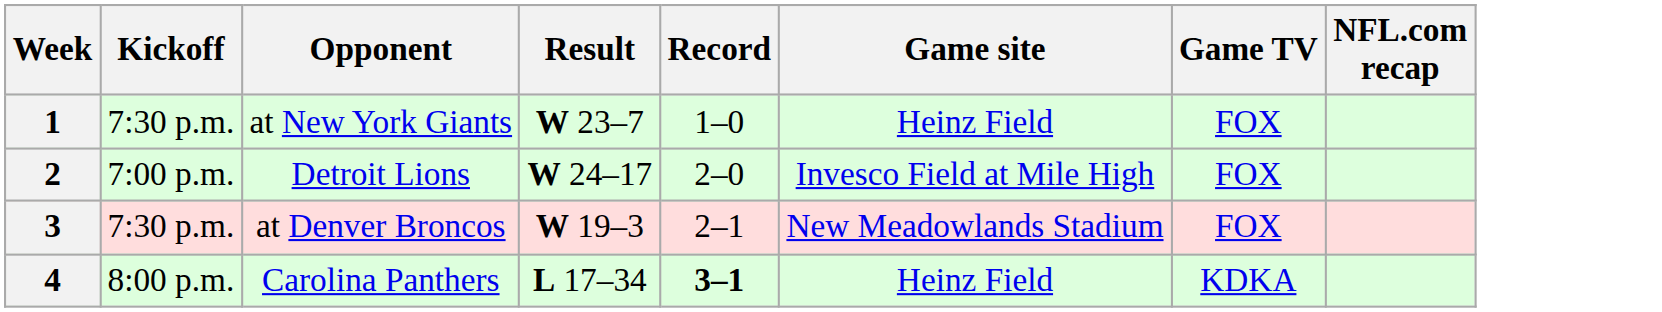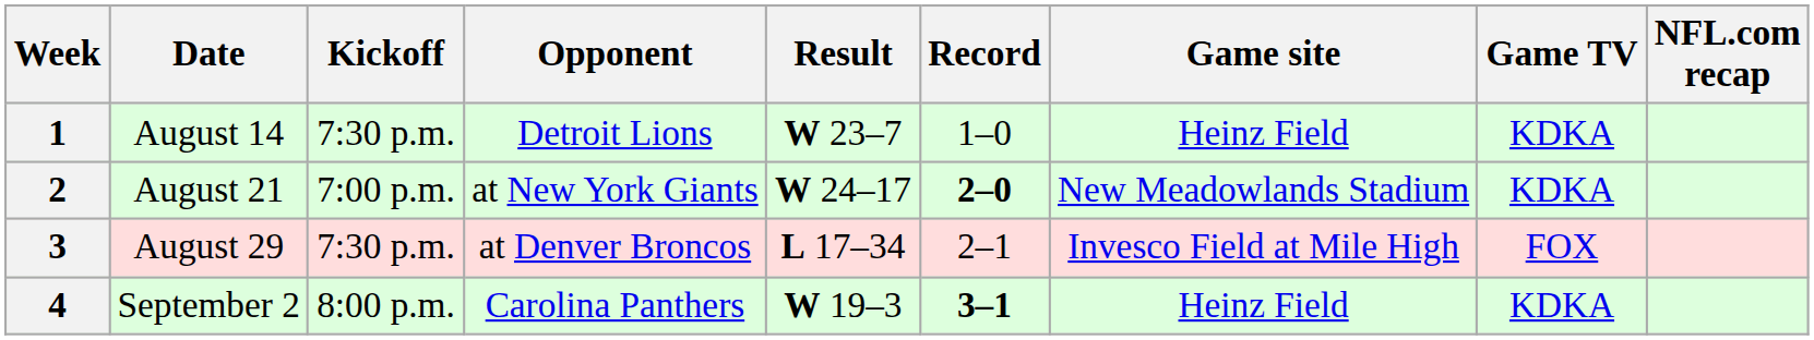 <table class="wikitable" style="text-align:center">
 <tr>
 <th>Week</th>
+<th>Date</th>
 <th>Kickoff</th>
 <th>Opponent</th>
 <th>Result</th>
 <th>Record</th>
 <th>Game site</th>
 <th>Game TV</th>
 <th>NFL.com<br>recap</th>
 </tr>
 <tr style="background:#dfd;">
 <th>1</th>
+<td>August 14</td>
 <td>7:30 p.m.</td>
-<td>at <a href='#'>New York Giants</a></td>
+<td><a href='#'>Detroit Lions</a></td>
 <td><strong>W</strong> 23–7</td>
 <td>1–0</td>
 <td><a href='#'>Heinz Field</a></td>
-<td><a href='#'>FOX</a></td>
+<td><a href='#'>KDKA</a></td>
 <td></td>
 </tr>
 <tr style="background:#dfd;">
 <th>2</th>
+<td>August 21</td>
 <td>7:00 p.m.</td>
-<td><a href='#'>Detroit Lions</a></td>
+<td>at <a href='#'>New York Giants</a></td>
 <td><strong>W</strong> 24–17</td>
-<td>2–0</td>
-<td><a href='#'>Invesco Field at Mile High</a></td>
-<td><a href='#'>FOX</a></td>
+<td><strong>2–0</strong></td>
+<td><a href='#'>New Meadowlands Stadium</a></td>
+<td><a href='#'>KDKA</a></td>
 <td></td>
 </tr>
 <tr style="background:#fdd;">
 <th>3</th>
+<td>August 29</td>
 <td>7:30 p.m.</td>
 <td>at <a href='#'>Denver Broncos</a></td>
-<td><strong>W</strong> 19–3</td>
+<td><strong>L</strong> 17–34</td>
 <td>2–1</td>
-<td><a href='#'>New Meadowlands Stadium</a></td>
+<td><a href='#'>Invesco Field at Mile High</a></td>
 <td><a href='#'>FOX</a></td>
 <td></td>
 </tr>
 <tr style="background:#dfd;">
 <th>4</th>
+<td>September 2</td>
 <td>8:00 p.m.</td>
 <td><a href='#'>Carolina Panthers</a></td>
-<td><strong>L</strong> 17–34</td>
+<td><strong>W</strong> 19–3</td>
 <td><strong>3–1</strong></td>
 <td><a href='#'>Heinz Field</a></td>
 <td><a href='#'>KDKA</a></td>
 <td></td>
 </tr>
 </table>
